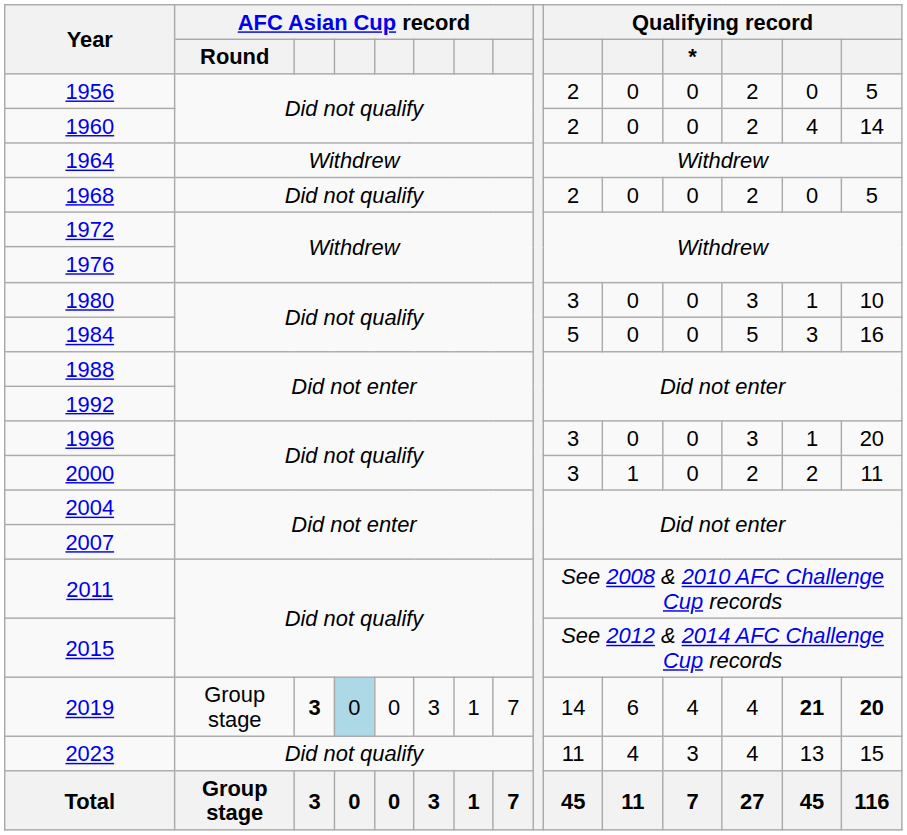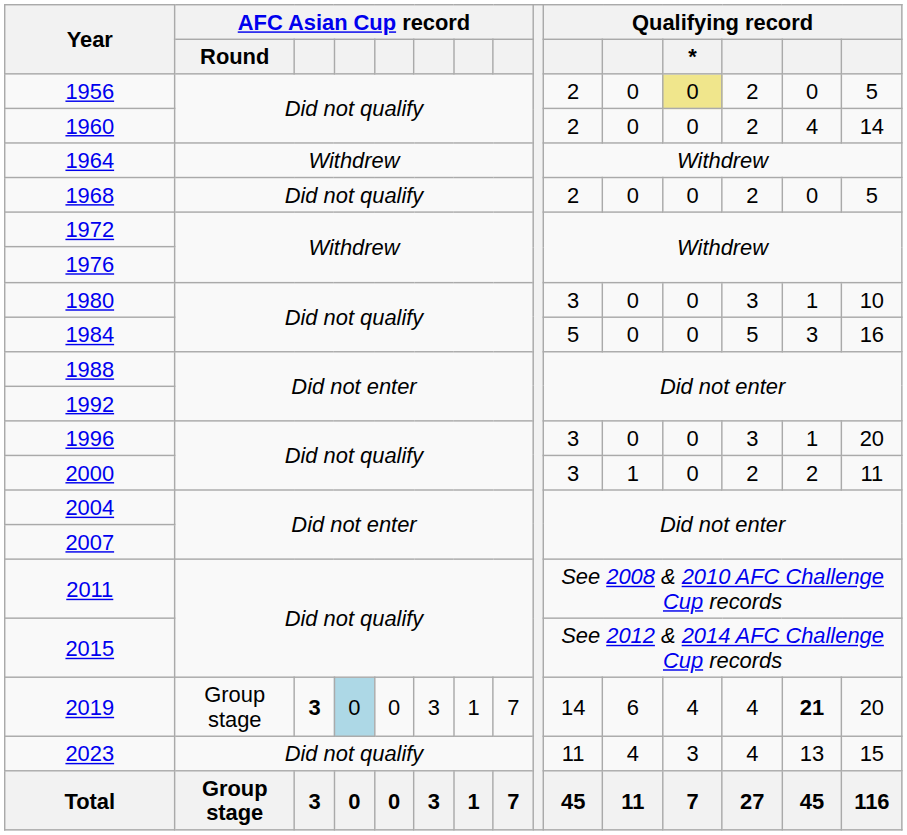 <table class="wikitable" style="text-align: center; font-size:95%;" width=100%>
 <tr>
 <th rowspan=2 width=19%>Year</th>
 <th colspan=7 width=40%><a href='#'>AFC Asian Cup</a> record</th>
 <th rowspan=22 width=1%></th>
 <th colspan=6 width=40%>Qualifying record</th>
 </tr>
 <tr>
 <th>Round</th>
 <th width=25></th>
 <th width=25></th>
 <th width=25></th>
 <th width=25></th>
 <th width=25></th>
 <th width=25></th>
 <th width=25></th>
 <th width=25></th>
 <th width=25>*</th>
 <th width=25></th>
 <th width=25></th>
 <th width=25></th>
 </tr>
 <tr>
 <td> <a href='#'>1956</a></td>
 <td colspan=7 rowspan=2><em>Did not qualify</em></td>
 <td>2</td>
 <td>0</td>
-<td>0</td>
+<td style="background: khaki;">0</td>
 <td>2</td>
 <td>0</td>
 <td>5</td>
 </tr>
 <tr>
 <td> <a href='#'>1960</a></td>
 <td>2</td>
 <td>0</td>
 <td>0</td>
 <td>2</td>
 <td>4</td>
 <td>14</td>
 </tr>
 <tr>
 <td> <a href='#'>1964</a></td>
 <td colspan=7><em>Withdrew</em></td>
 <td colspan=7><em>Withdrew</em></td>
 </tr>
 <tr>
 <td> <a href='#'>1968</a></td>
 <td colspan=7><em>Did not qualify</em></td>
 <td>2</td>
 <td>0</td>
 <td>0</td>
 <td>2</td>
 <td>0</td>
 <td>5</td>
 </tr>
 <tr>
 <td> <a href='#'>1972</a></td>
 <td colspan=7 rowspan=2><em>Withdrew</em></td>
 <td colspan=7 rowspan=2><em>Withdrew</em></td>
 </tr>
 <tr>
 <td> <a href='#'>1976</a></td>
 </tr>
 <tr>
 <td> <a href='#'>1980</a></td>
 <td colspan=7 rowspan=2><em>Did not qualify</em></td>
 <td>3</td>
 <td>0</td>
 <td>0</td>
 <td>3</td>
 <td>1</td>
 <td>10</td>
 </tr>
 <tr>
 <td> <a href='#'>1984</a></td>
 <td>5</td>
 <td>0</td>
 <td>0</td>
 <td>5</td>
 <td>3</td>
 <td>16</td>
 </tr>
 <tr>
 <td> <a href='#'>1988</a></td>
 <td colspan=7 rowspan=2><em>Did not enter</em></td>
 <td colspan=7 rowspan=2><em>Did not enter</em></td>
 </tr>
 <tr>
 <td> <a href='#'>1992</a></td>
 </tr>
 <tr>
 <td> <a href='#'>1996</a></td>
 <td colspan=7 rowspan=2><em>Did not qualify</em></td>
 <td>3</td>
 <td>0</td>
 <td>0</td>
 <td>3</td>
 <td>1</td>
 <td>20</td>
 </tr>
 <tr>
 <td> <a href='#'>2000</a></td>
 <td>3</td>
 <td>1</td>
 <td>0</td>
 <td>2</td>
 <td>2</td>
 <td>11</td>
 </tr>
 <tr>
 <td> <a href='#'>2004</a></td>
 <td colspan=7 rowspan=2><em>Did not enter</em></td>
 <td colspan=7 rowspan=2><em>Did not enter</em></td>
 </tr>
 <tr>
 <td>    <a href='#'>2007</a></td>
 </tr>
 <tr>
 <td> <a href='#'>2011</a></td>
 <td colspan=7 rowspan=2><em>Did not qualify</em></td>
 <td colspan=7><em>See <a href='#'>2008</a> & <a href='#'>2010 AFC Challenge Cup</a> records</em></td>
 </tr>
 <tr>
 <td> <a href='#'>2015</a></td>
 <td colspan=7><em>See <a href='#'>2012</a> & <a href='#'>2014 AFC Challenge Cup</a> records</em></td>
 </tr>
 <tr>
 <td> <a href='#'>2019</a></td>
 <td>Group stage</td>
 <td><strong>3</strong></td>
 <td style="background: lightblue;">0</td>
 <td>0</td>
 <td>3</td>
 <td>1</td>
 <td>7</td>
 <td>14</td>
 <td>6</td>
 <td>4</td>
 <td>4</td>
 <td><strong>21</strong></td>
-<td><strong>20</strong></td>
+<td>20</td>
 </tr>
 <tr>
 <td> <a href='#'>2023</a></td>
 <td colspan=7><em>Did not qualify</em></td>
 <td>11</td>
 <td>4</td>
 <td>3</td>
 <td>4</td>
 <td>13</td>
 <td>15</td>
 </tr>
 <tr>
 <th><strong>Total</strong></th>
 <th>Group stage</th>
 <th>3</th>
 <th>0</th>
 <th>0</th>
 <th>3</th>
 <th>1</th>
 <th>7</th>
 <th>45</th>
 <th>11</th>
 <th>7</th>
 <th>27</th>
 <th>45</th>
 <th>116</th>
 </tr>
 </table>
